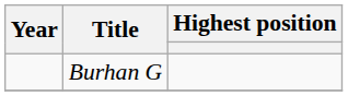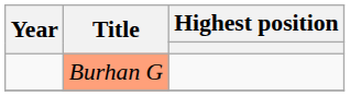 <table class="wikitable">
 <tr>
 <th rowspan="2">Year</th>
 <th rowspan="2">Title</th>
 <th colspan="5">Highest position</th>
 </tr>
 <tr>
 <th></th>
 </tr>
 <tr>
 <td></td>
-<td><em>Burhan G</em></td>
+<td style="background: lightsalmon;"><em>Burhan G</em></td>
 <td></td>
 </tr>
 <tr>
 </tr>
 </table>
